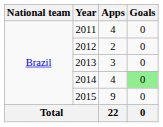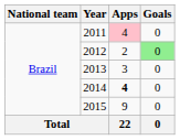 <table class="wikitable" style="text-align:center">
 <tr>
 <th>National team</th>
 <th>Year</th>
 <th>Apps</th>
 <th>Goals</th>
 </tr>
 <tr>
 <td rowspan="5"><a href='#'>Brazil</a></td>
 <td>2011</td>
-<td>4</td>
+<td style="background: pink;">4</td>
 <td>0</td>
 </tr>
 <tr>
 <td>2012</td>
 <td>2</td>
-<td>0</td>
+<td style="background: lightgreen;">0</td>
 </tr>
 <tr>
 <td>2013</td>
 <td>3</td>
 <td>0</td>
 </tr>
 <tr>
 <td>2014</td>
-<td>4</td>
-<td style="background: lightgreen;">0</td>
+<td><strong>4</strong></td>
+<td>0</td>
 </tr>
 <tr>
 <td>2015</td>
 <td>9</td>
 <td>0</td>
 </tr>
 <tr>
 <th colspan="2">Total</th>
 <th>22</th>
 <th>0</th>
 </tr>
 </table>
